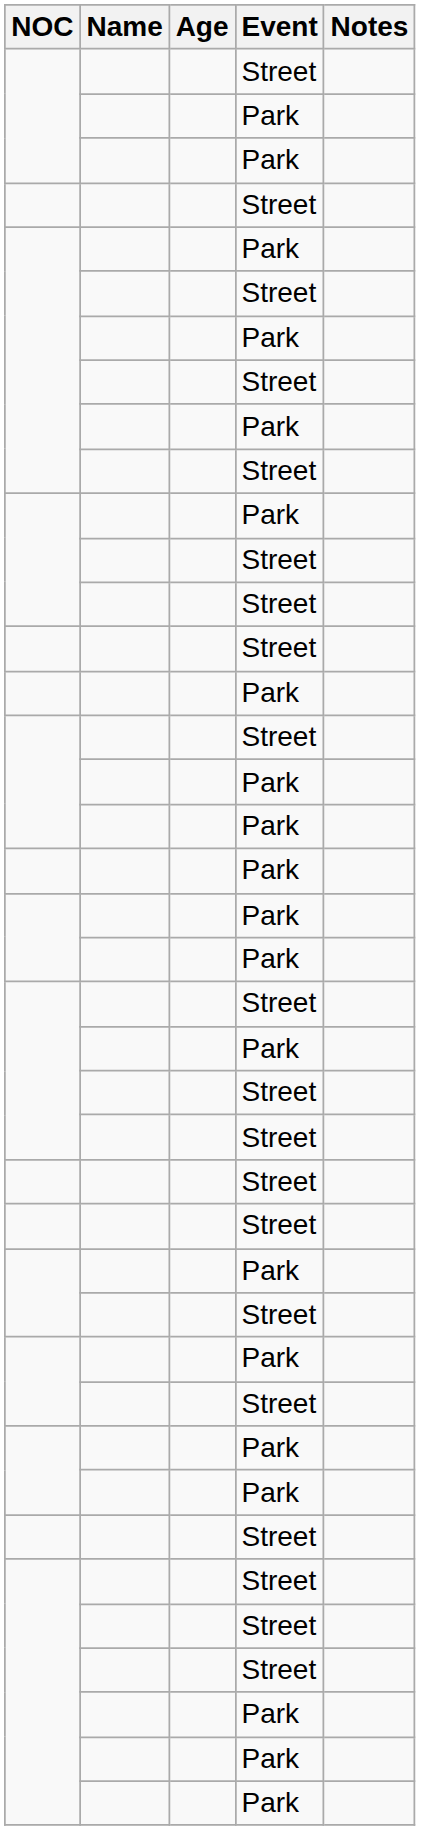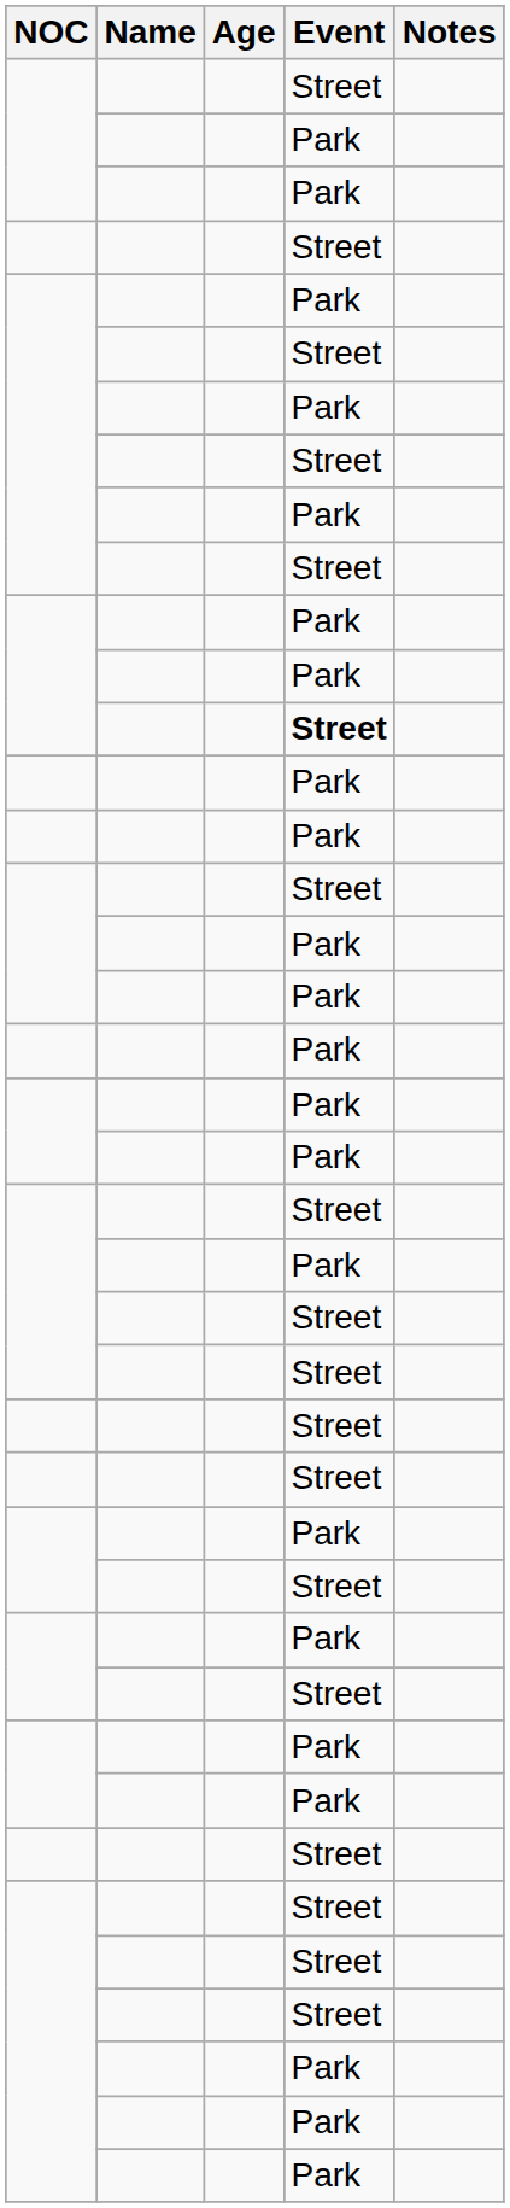 <table class="wikitable sortable">
 <tr>
 <th>NOC</th>
 <th>Name</th>
 <th>Age</th>
 <th>Event</th>
 <th>Notes</th>
 </tr>
 <tr>
 <td rowspan="3"></td>
 <td></td>
 <td></td>
 <td>Street</td>
 <td></td>
 </tr>
 <tr>
 <td></td>
 <td></td>
 <td>Park</td>
 <td></td>
 </tr>
 <tr>
 <td></td>
 <td></td>
 <td>Park</td>
 <td></td>
 </tr>
 <tr>
 <td></td>
 <td></td>
 <td></td>
 <td>Street</td>
 <td></td>
 </tr>
 <tr>
 <td rowspan="6"></td>
 <td></td>
 <td></td>
 <td>Park</td>
 <td></td>
 </tr>
 <tr>
 <td></td>
 <td></td>
 <td>Street</td>
 <td></td>
 </tr>
 <tr>
 <td></td>
 <td></td>
 <td>Park</td>
 <td></td>
 </tr>
 <tr>
 <td></td>
 <td></td>
 <td>Street</td>
 <td></td>
 </tr>
 <tr>
 <td></td>
 <td></td>
 <td>Park</td>
 <td></td>
 </tr>
 <tr>
 <td></td>
 <td></td>
 <td>Street</td>
 <td></td>
 </tr>
 <tr>
 <td rowspan="3"></td>
 <td></td>
 <td></td>
 <td>Park</td>
 <td></td>
 </tr>
 <tr>
 <td></td>
 <td></td>
-<td>Street</td>
+<td>Park</td>
 <td></td>
 </tr>
 <tr>
 <td></td>
 <td></td>
-<td>Street</td>
+<td><strong>Street</strong></td>
 <td></td>
 </tr>
 <tr>
 <td></td>
 <td></td>
 <td></td>
-<td>Street</td>
+<td>Park</td>
 <td></td>
 </tr>
 <tr>
 <td></td>
 <td></td>
 <td></td>
 <td>Park</td>
 <td></td>
 </tr>
 <tr>
 <td rowspan="3"></td>
 <td></td>
 <td></td>
 <td>Street</td>
 <td></td>
 </tr>
 <tr>
 <td></td>
 <td></td>
 <td>Park</td>
 <td></td>
 </tr>
 <tr>
 <td></td>
 <td></td>
 <td>Park</td>
 <td></td>
 </tr>
 <tr>
 <td></td>
 <td></td>
 <td></td>
 <td>Park</td>
 <td></td>
 </tr>
 <tr>
 <td rowspan="2"></td>
 <td></td>
 <td></td>
 <td>Park</td>
 <td></td>
 </tr>
 <tr>
 <td></td>
 <td></td>
 <td>Park</td>
 <td></td>
 </tr>
 <tr>
 <td rowspan="4"></td>
 <td></td>
 <td></td>
 <td>Street</td>
 <td></td>
 </tr>
 <tr>
 <td></td>
 <td></td>
 <td>Park</td>
 <td></td>
 </tr>
 <tr>
 <td></td>
 <td></td>
 <td>Street</td>
 <td></td>
 </tr>
 <tr>
 <td></td>
 <td></td>
 <td>Street</td>
 <td></td>
 </tr>
 <tr>
 <td></td>
 <td></td>
 <td></td>
 <td>Street</td>
 <td></td>
 </tr>
 <tr>
 <td></td>
 <td></td>
 <td></td>
 <td>Street</td>
 <td></td>
 </tr>
 <tr>
 <td rowspan="2"></td>
 <td></td>
 <td></td>
 <td>Park</td>
 <td></td>
 </tr>
 <tr>
 <td></td>
 <td></td>
 <td>Street</td>
 <td></td>
 </tr>
 <tr>
 <td rowspan="2"></td>
 <td></td>
 <td></td>
 <td>Park</td>
 <td></td>
 </tr>
 <tr>
 <td></td>
 <td></td>
 <td>Street</td>
 <td></td>
 </tr>
 <tr>
 <td rowspan="2"></td>
 <td></td>
 <td></td>
 <td>Park</td>
 <td></td>
 </tr>
 <tr>
 <td></td>
 <td></td>
 <td>Park</td>
 <td></td>
 </tr>
 <tr>
 <td></td>
 <td></td>
 <td></td>
 <td>Street</td>
 <td></td>
 </tr>
 <tr>
 <td rowspan="6"></td>
 <td></td>
 <td></td>
 <td>Street</td>
 <td></td>
 </tr>
 <tr>
 <td></td>
 <td></td>
 <td>Street</td>
 <td></td>
 </tr>
 <tr>
 <td></td>
 <td></td>
 <td>Street</td>
 <td></td>
 </tr>
 <tr>
 <td></td>
 <td></td>
 <td>Park</td>
 <td></td>
 </tr>
 <tr>
 <td></td>
 <td></td>
 <td>Park</td>
 <td></td>
 </tr>
 <tr>
 <td></td>
 <td></td>
 <td>Park</td>
 <td></td>
 </tr>
 </table>
